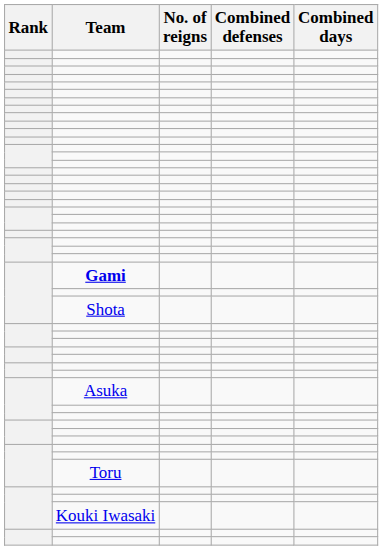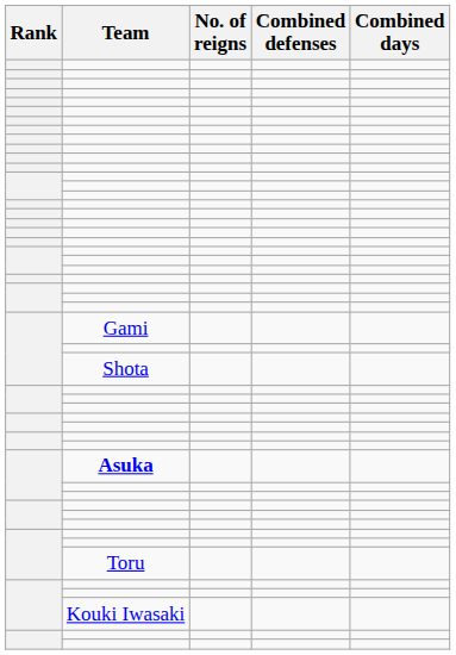 <table class="wikitable sortable" style="text-align: center">
 <tr>
 <th>Rank</th>
 <th>Team</th>
 <th data-sort-type="number">No. of<br>reigns</th>
 <th data-sort-type="number">Combined<br>defenses</th>
 <th data-sort-type="number">Combined<br>days</th>
 </tr>
 <tr>
 <th></th>
 <td></td>
 <td></td>
 <td></td>
 <td></td>
 </tr>
 <tr>
 <th></th>
 <td></td>
 <td></td>
 <td></td>
 <td></td>
 </tr>
 <tr>
 <th></th>
 <td></td>
 <td></td>
 <td></td>
 <td></td>
 </tr>
 <tr>
 <th></th>
 <td></td>
 <td></td>
 <td></td>
 <td></td>
 </tr>
 <tr>
 <th></th>
 <td></td>
 <td></td>
 <td></td>
 <td></td>
 </tr>
 <tr>
 <th></th>
 <td></td>
 <td></td>
 <td></td>
 <td></td>
 </tr>
 <tr>
 <th></th>
 <td></td>
 <td></td>
 <td></td>
 <td></td>
 </tr>
 <tr>
 <th></th>
 <td></td>
 <td></td>
 <td></td>
 <td></td>
 </tr>
 <tr>
 <th></th>
 <td></td>
 <td></td>
 <td></td>
 <td></td>
 </tr>
 <tr>
 <th></th>
 <td></td>
 <td></td>
 <td></td>
 <td></td>
 </tr>
 <tr>
 <th></th>
 <td></td>
 <td></td>
 <td></td>
 <td></td>
 </tr>
 <tr>
 <th></th>
 <td></td>
 <td></td>
 <td></td>
 <td></td>
 </tr>
 <tr>
 <th rowspan=3></th>
 <td></td>
 <td></td>
 <td></td>
 <td></td>
 </tr>
 <tr>
 <td></td>
 <td></td>
 <td></td>
 <td></td>
 </tr>
 <tr>
 <td></td>
 <td></td>
 <td></td>
 <td></td>
 </tr>
 <tr>
 <th></th>
 <td></td>
 <td></td>
 <td></td>
 <td></td>
 </tr>
 <tr>
 <th></th>
 <td></td>
 <td></td>
 <td></td>
 <td></td>
 </tr>
 <tr>
 <th></th>
 <td></td>
 <td></td>
 <td></td>
 <td></td>
 </tr>
 <tr>
 <th></th>
 <td></td>
 <td></td>
 <td></td>
 <td></td>
 </tr>
 <tr>
 <th></th>
 <td></td>
 <td></td>
 <td></td>
 <td></td>
 </tr>
 <tr>
 <th rowspan=3></th>
 <td></td>
 <td></td>
 <td></td>
 <td></td>
 </tr>
 <tr>
 <td></td>
 <td></td>
 <td></td>
 <td></td>
 </tr>
 <tr>
 <td></td>
 <td></td>
 <td></td>
 <td></td>
 </tr>
 <tr>
 <th></th>
 <td></td>
 <td></td>
 <td></td>
 <td></td>
 </tr>
 <tr>
 <th rowspan=3></th>
 <td></td>
 <td></td>
 <td></td>
 <td></td>
 </tr>
 <tr>
 <td></td>
 <td></td>
 <td></td>
 <td></td>
 </tr>
 <tr>
 <td></td>
 <td></td>
 <td></td>
 <td></td>
 </tr>
 <tr>
 <th rowspan=3></th>
-<td><strong><a href='#'>Gami</a></strong></td>
+<td><a href='#'>Gami</a></td>
 <td></td>
 <td></td>
 <td></td>
 </tr>
 <tr>
 <td></td>
 <td></td>
 <td></td>
 <td></td>
 </tr>
 <tr>
 <td><a href='#'>Shota</a></td>
 <td></td>
 <td></td>
 <td></td>
 </tr>
 <tr>
 <th rowspan=3></th>
 <td></td>
 <td></td>
 <td></td>
 <td></td>
 </tr>
 <tr>
 <td></td>
 <td></td>
 <td></td>
 <td></td>
 </tr>
 <tr>
 <td></td>
 <td></td>
 <td></td>
 <td></td>
 </tr>
 <tr>
 <th rowspan=2></th>
 <td></td>
 <td></td>
 <td></td>
 <td></td>
 </tr>
 <tr>
 <td></td>
 <td></td>
 <td></td>
 <td></td>
 </tr>
 <tr>
 <th rowspan=2></th>
 <td></td>
 <td></td>
 <td></td>
 <td></td>
 </tr>
 <tr>
 <td></td>
 <td></td>
 <td></td>
 <td></td>
 </tr>
 <tr>
 <th rowspan=3></th>
-<td><a href='#'>Asuka</a></td>
+<td><strong><a href='#'>Asuka</a></strong></td>
 <td></td>
 <td></td>
 <td></td>
 </tr>
 <tr>
 <td></td>
 <td></td>
 <td></td>
 <td></td>
 </tr>
 <tr>
 <td></td>
 <td></td>
 <td></td>
 <td></td>
 </tr>
 <tr>
 <th rowspan=3></th>
 <td></td>
 <td></td>
 <td></td>
 <td></td>
 </tr>
 <tr>
 <td></td>
 <td></td>
 <td></td>
 <td></td>
 </tr>
 <tr>
 <td></td>
 <td></td>
 <td></td>
 <td></td>
 </tr>
 <tr>
 <th rowspan=3></th>
 <td></td>
 <td></td>
 <td></td>
 <td></td>
 </tr>
 <tr>
 <td></td>
 <td></td>
 <td></td>
 <td></td>
 </tr>
 <tr>
 <td><a href='#'>Toru</a></td>
 <td></td>
 <td></td>
 <td></td>
 </tr>
 <tr>
 <th rowspan=3></th>
 <td></td>
 <td></td>
 <td></td>
 <td></td>
 </tr>
 <tr>
 <td></td>
 <td></td>
 <td></td>
 <td></td>
 </tr>
 <tr>
 <td><a href='#'>Kouki Iwasaki</a></td>
 <td></td>
 <td></td>
 <td></td>
 </tr>
 <tr>
 <th rowspan=2></th>
 <td></td>
 <td></td>
 <td></td>
 <td></td>
 </tr>
 <tr>
 <td></td>
 <td></td>
 <td></td>
 <td></td>
 </tr>
 </table>
